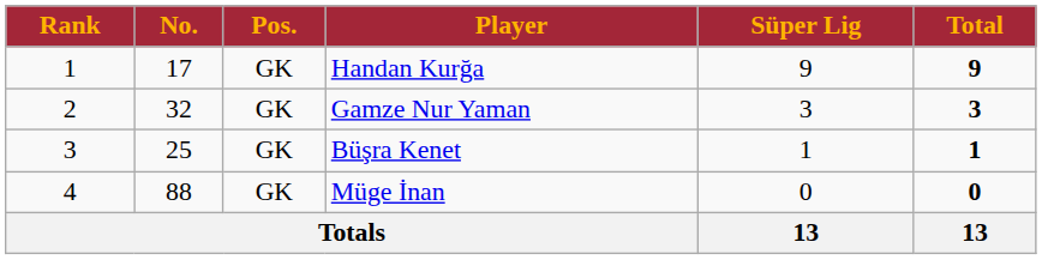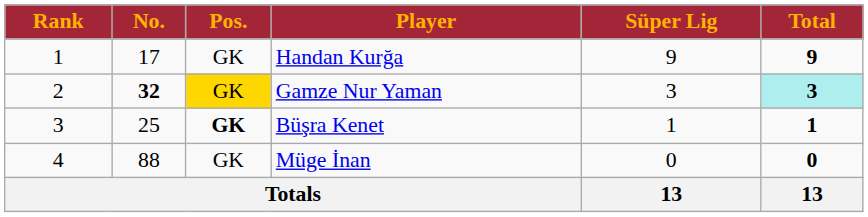 <table class="wikitable sortable" style="text-align:center;width:50%;">
 <tr>
 <th style=background-color:#A32638;color:#FFB300>Rank</th>
 <th style=background-color:#A32638;color:#FFB300>No.</th>
 <th style=background-color:#A32638;color:#FFB300>Pos.</th>
 <th style=background-color:#A32638;color:#FFB300>Player</th>
 <th style=background-color:#A32638;color:#FFB300>Süper Lig</th>
 <th style=background-color:#A32638;color:#FFB300>Total</th>
 </tr>
 <tr>
 <td>1</td>
 <td>17</td>
 <td>GK</td>
 <td align=left> <a href='#'>Handan Kurğa</a></td>
 <td>9</td>
 <td><strong>9</strong></td>
 </tr>
 <tr>
 <td>2</td>
-<td>32</td>
-<td>GK</td>
+<td><strong>32</strong></td>
+<td style="background: gold;">GK</td>
 <td align=left> <a href='#'>Gamze Nur Yaman</a></td>
 <td>3</td>
-<td><strong>3</strong></td>
+<td style="background: paleturquoise;"><strong>3</strong></td>
 </tr>
 <tr>
 <td>3</td>
 <td>25</td>
-<td>GK</td>
+<td><strong>GK</strong></td>
 <td align=left> <a href='#'>Büşra Kenet</a></td>
 <td>1</td>
 <td><strong>1</strong></td>
 </tr>
 <tr>
 <td>4</td>
 <td>88</td>
 <td>GK</td>
 <td align=left> <a href='#'>Müge İnan</a></td>
 <td>0</td>
 <td><strong>0</strong></td>
 </tr>
 <tr>
 <th colspan=4><strong>Totals </strong></th>
 <th><strong>13</strong></th>
 <th><strong>13</strong></th>
 </tr>
 </table>
